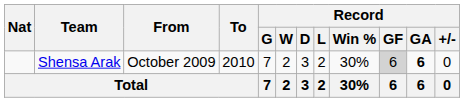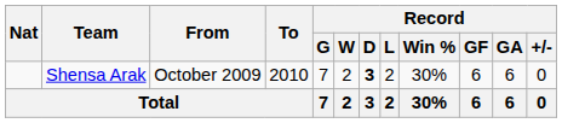 <table class="wikitable" style="text-align: center">
 <tr>
 <th rowspan="2">Nat</th>
 <th rowspan="2">Team</th>
 <th rowspan="2">From</th>
 <th rowspan="2">To</th>
 <th colspan="8">Record</th>
 </tr>
 <tr>
 <th>G</th>
 <th>W</th>
 <th>D</th>
 <th>L</th>
 <th>Win %</th>
 <th>GF</th>
 <th>GA</th>
 <th>+/-</th>
 </tr>
 <tr>
 <td></td>
 <td><a href='#'>Shensa Arak</a></td>
 <td align="left">October 2009</td>
 <td align="left">2010</td>
 <td>7</td>
 <td>2</td>
-<td>3</td>
+<td><strong>3</strong></td>
 <td>2</td>
 <td>30%</td>
-<td style="background: lightgrey;">6</td>
-<td><strong>6</strong></td>
+<td>6</td>
+<td>6</td>
 <td>0</td>
 </tr>
 <tr>
 <th colspan="4">Total</th>
 <th>7</th>
 <th>2</th>
 <th>3</th>
 <th>2</th>
 <th>30%</th>
 <th>6</th>
 <th>6</th>
 <th>0</th>
 </tr>
 </table>
